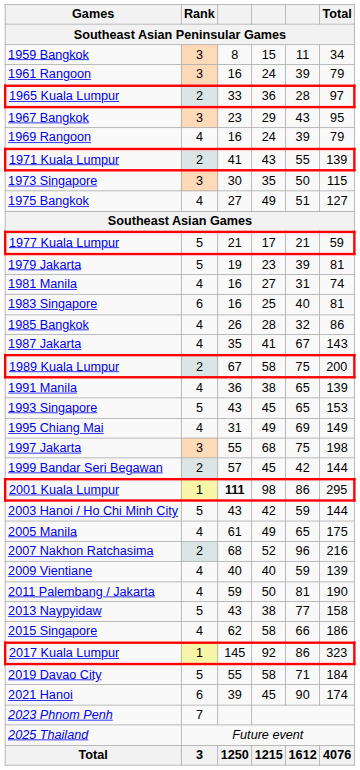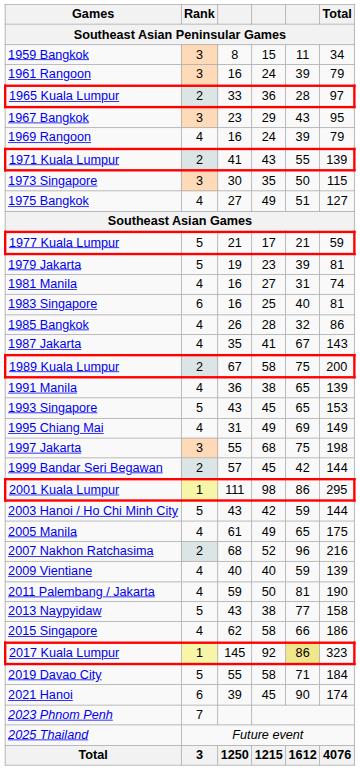 <table class="wikitable sortable" style="margin-top:0em; text-align:center; font-size:100%;">
 <tr>
 <th>Games</th>
 <th style="width:2em;">Rank</th>
 <th style="width:2em;"></th>
 <th style="width:2em;"></th>
 <th style="width:2em;"></th>
 <th style="width:2em;">Total</th>
 </tr>
 <tr>
 <th colspan=6><strong>Southeast Asian Peninsular Games</strong></th>
 </tr>
 <tr>
 <td align=left><a href='#'>1959 Bangkok</a></td>
 <td bgcolor=ffdab9>3</td>
 <td>8</td>
 <td>15</td>
 <td>11</td>
 <td>34</td>
 </tr>
 <tr>
 <td align=left><a href='#'>1961 Rangoon</a></td>
 <td bgcolor=ffdab9>3</td>
 <td>16</td>
 <td>24</td>
 <td>39</td>
 <td>79</td>
 </tr>
 <tr style="border: 3px solid red">
 <td align=left><a href='#'>1965 Kuala Lumpur</a></td>
 <td bgcolor=dce5e5>2</td>
 <td>33</td>
 <td>36</td>
 <td>28</td>
 <td>97</td>
 </tr>
 <tr>
 <td align=left><a href='#'>1967 Bangkok</a></td>
 <td bgcolor=ffdab9>3</td>
 <td>23</td>
 <td>29</td>
 <td>43</td>
 <td>95</td>
 </tr>
 <tr>
 <td align=left><a href='#'>1969 Rangoon</a></td>
 <td>4</td>
 <td>16</td>
 <td>24</td>
 <td>39</td>
 <td>79</td>
 </tr>
 <tr style="border: 3px solid red">
 <td align=left><a href='#'>1971 Kuala Lumpur</a></td>
 <td bgcolor=dce5e5>2</td>
 <td>41</td>
 <td>43</td>
 <td>55</td>
 <td>139</td>
 </tr>
 <tr>
 <td align=left><a href='#'>1973 Singapore</a></td>
 <td bgcolor=ffdab9>3</td>
 <td>30</td>
 <td>35</td>
 <td>50</td>
 <td>115</td>
 </tr>
 <tr>
 <td align=left><a href='#'>1975 Bangkok</a></td>
 <td>4</td>
 <td>27</td>
 <td>49</td>
 <td>51</td>
 <td>127</td>
 </tr>
 <tr>
 <th colspan=6><strong>Southeast Asian Games</strong></th>
 </tr>
 <tr style="border: 3px solid red">
 <td align=left><a href='#'>1977 Kuala Lumpur</a></td>
 <td>5</td>
 <td>21</td>
 <td>17</td>
 <td>21</td>
 <td>59</td>
 </tr>
 <tr>
 <td align=left><a href='#'>1979 Jakarta</a></td>
 <td>5</td>
 <td>19</td>
 <td>23</td>
 <td>39</td>
 <td>81</td>
 </tr>
 <tr>
 <td align=left><a href='#'>1981 Manila</a></td>
 <td>4</td>
 <td>16</td>
 <td>27</td>
 <td>31</td>
 <td>74</td>
 </tr>
 <tr>
 <td align=left><a href='#'>1983 Singapore</a></td>
 <td>6</td>
 <td>16</td>
 <td>25</td>
 <td>40</td>
 <td>81</td>
 </tr>
 <tr>
 <td align=left><a href='#'>1985 Bangkok</a></td>
 <td>4</td>
 <td>26</td>
 <td>28</td>
 <td>32</td>
 <td>86</td>
 </tr>
 <tr>
 <td align=left><a href='#'>1987 Jakarta</a></td>
 <td>4</td>
 <td>35</td>
 <td>41</td>
 <td>67</td>
 <td>143</td>
 </tr>
 <tr style="border: 3px solid red">
 <td align=left><a href='#'>1989 Kuala Lumpur</a></td>
 <td bgcolor=dce5e5>2</td>
 <td>67</td>
 <td>58</td>
 <td>75</td>
 <td>200</td>
 </tr>
 <tr>
 <td align=left><a href='#'>1991 Manila</a></td>
 <td>4</td>
 <td>36</td>
 <td>38</td>
 <td>65</td>
 <td>139</td>
 </tr>
 <tr>
 <td align=left><a href='#'>1993 Singapore</a></td>
 <td>5</td>
 <td>43</td>
 <td>45</td>
 <td>65</td>
 <td>153</td>
 </tr>
 <tr>
 <td align=left><a href='#'>1995 Chiang Mai</a></td>
 <td>4</td>
 <td>31</td>
 <td>49</td>
 <td>69</td>
 <td>149</td>
 </tr>
 <tr>
 <td align=left><a href='#'>1997 Jakarta</a></td>
 <td bgcolor=ffdab9>3</td>
 <td>55</td>
 <td>68</td>
 <td>75</td>
 <td>198</td>
 </tr>
 <tr>
 <td align=left><a href='#'>1999 Bandar Seri Begawan</a></td>
 <td bgcolor=dce5e5>2</td>
 <td>57</td>
 <td>45</td>
 <td>42</td>
 <td>144</td>
 </tr>
 <tr style="border: 3px solid red">
 <td align=left><a href='#'>2001 Kuala Lumpur</a></td>
 <td bgcolor=f7f6a8>1</td>
-<td><strong>111</strong></td>
+<td>111</td>
 <td>98</td>
 <td>86</td>
 <td>295</td>
 </tr>
 <tr>
 <td align=left><a href='#'>2003 Hanoi / Ho Chi Minh City</a></td>
 <td>5</td>
 <td>43</td>
 <td>42</td>
 <td>59</td>
 <td>144</td>
 </tr>
 <tr>
 <td align=left><a href='#'>2005 Manila</a></td>
 <td>4</td>
 <td>61</td>
 <td>49</td>
 <td>65</td>
 <td>175</td>
 </tr>
 <tr>
 <td align=left><a href='#'>2007 Nakhon Ratchasima</a></td>
 <td bgcolor=dce5e5>2</td>
 <td>68</td>
 <td>52</td>
 <td>96</td>
 <td>216</td>
 </tr>
 <tr>
 <td align=left><a href='#'>2009 Vientiane</a></td>
 <td>4</td>
 <td>40</td>
 <td>40</td>
 <td>59</td>
 <td>139</td>
 </tr>
 <tr>
 <td align=left><a href='#'>2011 Palembang / Jakarta</a></td>
 <td>4</td>
 <td>59</td>
 <td>50</td>
 <td>81</td>
 <td>190</td>
 </tr>
 <tr>
 <td align=left><a href='#'>2013 Naypyidaw</a></td>
 <td>5</td>
 <td>43</td>
 <td>38</td>
 <td>77</td>
 <td>158</td>
 </tr>
 <tr>
 <td align=left><a href='#'>2015 Singapore</a></td>
 <td>4</td>
 <td>62</td>
 <td>58</td>
 <td>66</td>
 <td>186</td>
 </tr>
 <tr style="border: 3px solid red">
 <td align=left><a href='#'>2017 Kuala Lumpur</a></td>
 <td bgcolor=f7f6a8>1</td>
 <td>145</td>
 <td>92</td>
-<td>86</td>
+<td style="background: khaki;">86</td>
 <td>323</td>
 </tr>
 <tr>
 <td align=left><a href='#'>2019 Davao City</a></td>
 <td>5</td>
 <td>55</td>
 <td>58</td>
 <td>71</td>
 <td>184</td>
 </tr>
 <tr>
 <td align=left><a href='#'>2021 Hanoi</a></td>
 <td>6</td>
 <td>39</td>
 <td>45</td>
 <td>90</td>
 <td>174</td>
 </tr>
 <tr>
 <td align=left><em><a href='#'>2023 Phnom Penh</a></em></td>
 <td>7</td>
 <td></td>
 </tr>
 <tr>
 <td align=left><em><a href='#'>2025 Thailand</a></em></td>
 <td colspan=5><em>Future event</em></td>
 </tr>
 <tr>
 <th>Total</th>
 <th>3</th>
 <th>1250</th>
 <th>1215</th>
 <th>1612</th>
 <th>4076</th>
 </tr>
 </table>
